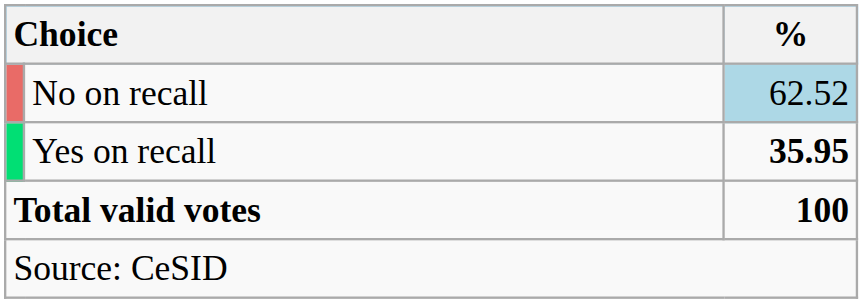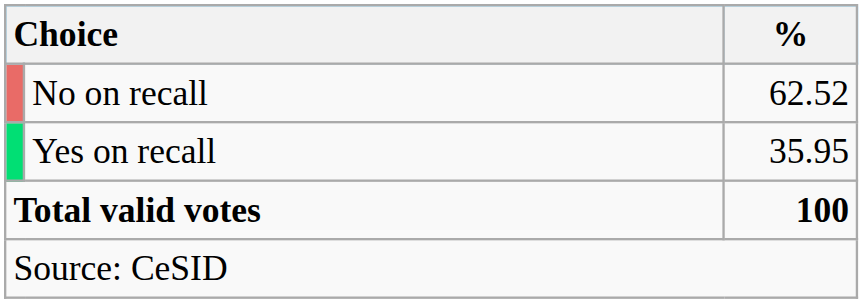 <table class="wikitable" style="text-align:right;margin-right:1em; font-size:95%">
 <tr style="background:#09a8ff; text-align:center;">
 <th colspan="2" style="text-align:left; width:300px;">Choice</th>
 <th style="width:50px;">%</th>
 </tr>
 <tr>
 <td style="background: rgb(233, 107, 103);"></td>
 <td style="text-align:left;">No on recall</td>
-<td style="background: lightblue;">62.52</td>
+<td>62.52</td>
 </tr>
 <tr>
 <td style="background: rgb(1, 223, 116); width:1px"></td>
 <td style="text-align:left;">Yes on recall</td>
-<td><strong>35.95</strong></td>
+<td>35.95</td>
 </tr>
 <tr>
 <td style="text-align:left;" colspan="2"><strong>Total valid votes</strong></td>
 <td><strong>100</strong></td>
 </tr>
 <tr>
 <td colspan=4 style="text-align:left;">Source: CeSID </td>
 </tr>
 </table>
